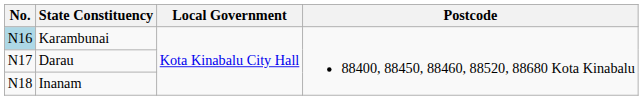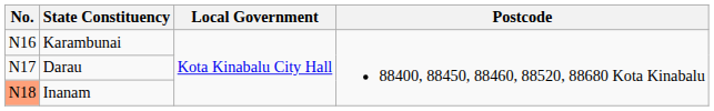 <table class="wikitable">
 <tr>
 <th>No.</th>
 <th>State Constituency</th>
 <th>Local Government</th>
 <th>Postcode</th>
 </tr>
 <tr>
-<td style="background: lightblue;">N16</td>
+<td>N16</td>
 <td>Karambunai</td>
 <td rowspan="3"><a href='#'>Kota Kinabalu City Hall</a></td>
 <td rowspan="3"><br><ul><li>88400, 88450, 88460, 88520, 88680 Kota Kinabalu</li></ul></td>
 </tr>
 <tr>
 <td>N17</td>
 <td>Darau</td>
 </tr>
 <tr>
-<td>N18</td>
+<td style="background: lightsalmon;">N18</td>
 <td>Inanam</td>
 </tr>
 </table>
